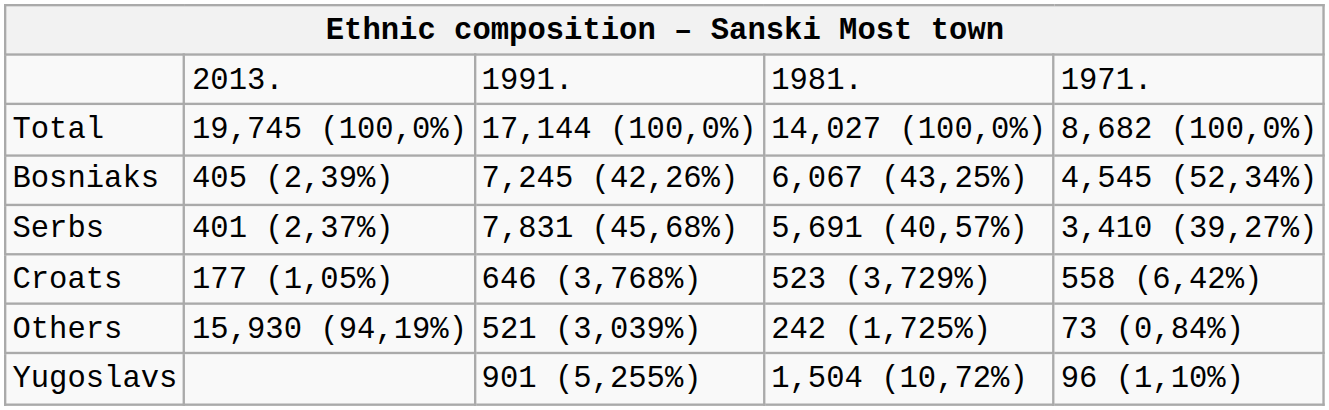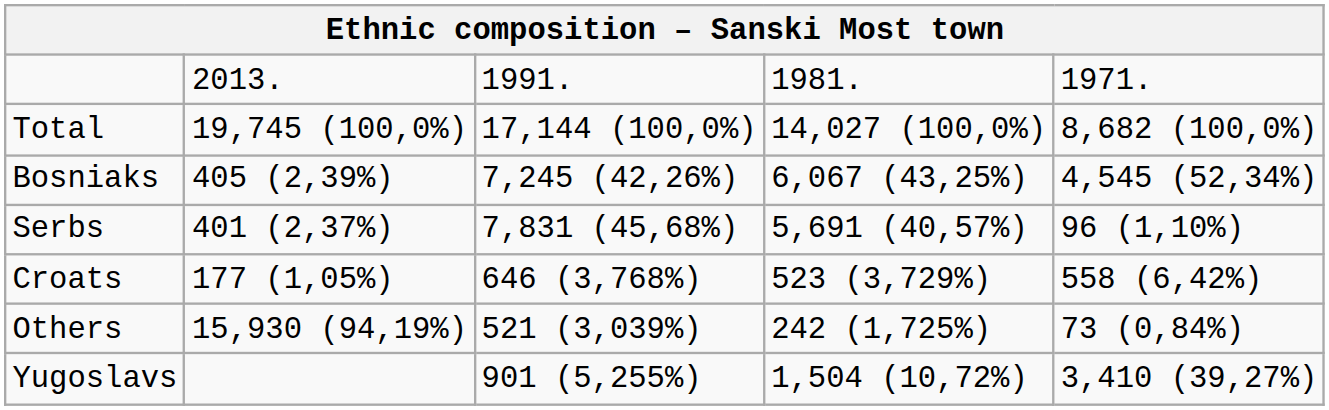 <table class="wikitable">
 <tr>
 <th colspan="9">Ethnic composition – Sanski Most town</th>
 </tr>
 <tr>
 <td></td>
 <td>2013.</td>
 <td>1991.</td>
 <td>1981.</td>
 <td>1971.</td>
 </tr>
 <tr>
 <td>Total</td>
 <td>19,745 (100,0%)</td>
 <td>17,144 (100,0%)</td>
 <td>14,027 (100,0%)</td>
 <td>8,682 (100,0%)</td>
 </tr>
 <tr>
 <td>Bosniaks</td>
 <td>405 (2,39%)</td>
 <td>7,245 (42,26%)</td>
 <td>6,067 (43,25%)</td>
 <td>4,545 (52,34%)</td>
 </tr>
 <tr>
 <td>Serbs</td>
 <td>401 (2,37%)</td>
 <td>7,831 (45,68%)</td>
 <td>5,691 (40,57%)</td>
-<td>3,410 (39,27%)</td>
+<td>96 (1,10%)</td>
 </tr>
 <tr>
 <td>Croats</td>
 <td>177 (1,05%)</td>
 <td>646 (3,768%)</td>
 <td>523 (3,729%)</td>
 <td>558 (6,42%)</td>
 </tr>
 <tr>
 <td>Others</td>
 <td>15,930 (94,19%)</td>
 <td>521 (3,039%)</td>
 <td>242 (1,725%)</td>
 <td>73 (0,84%)</td>
 </tr>
 <tr>
 <td>Yugoslavs</td>
 <td></td>
 <td>901 (5,255%)</td>
 <td>1,504 (10,72%)</td>
-<td>96 (1,10%)</td>
+<td>3,410 (39,27%)</td>
 </tr>
 </table>
